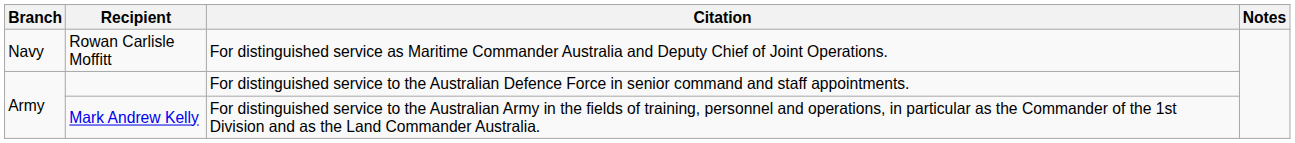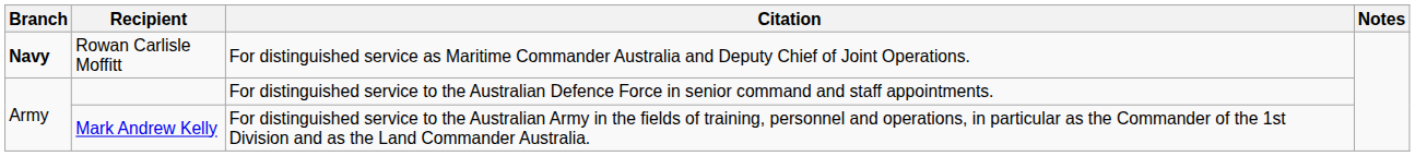 <table class="wikitable" style="font-size:95%;">
 <tr>
 <th>Branch</th>
 <th>Recipient</th>
 <th>Citation</th>
 <th>Notes</th>
 </tr>
 <tr>
-<td>Navy</td>
+<td><strong>Navy</strong></td>
 <td> Rowan Carlisle Moffitt </td>
 <td>For distinguished service as Maritime Commander Australia and Deputy Chief of Joint Operations.</td>
 <td rowspan=3></td>
 </tr>
 <tr>
 <td rowspan=2>Army</td>
 <td></td>
 <td>For distinguished service to the Australian Defence Force in senior command and staff appointments.</td>
 </tr>
 <tr>
 <td> <a href='#'>Mark Andrew Kelly</a> </td>
 <td>For distinguished service to the Australian Army in the fields of training, personnel and operations, in particular as the Commander of the 1st Division and as the Land Commander Australia.</td>
 </tr>
 </table>
